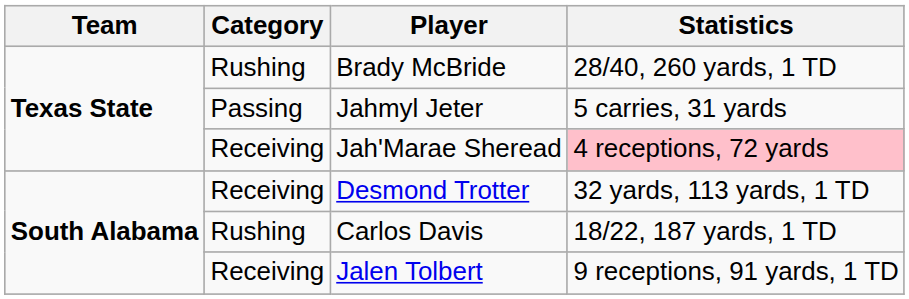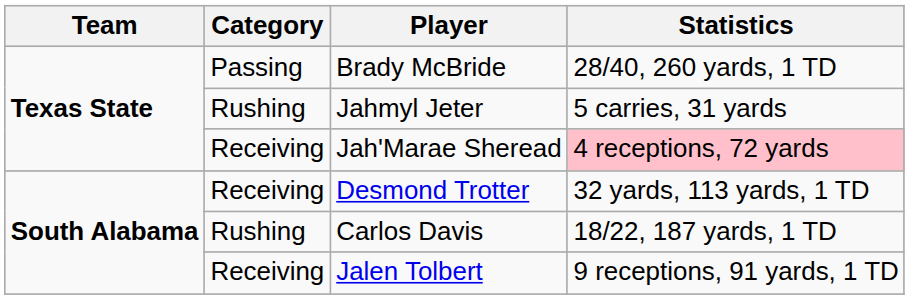 <table class="wikitable" style="float: left;">
 <tr>
 <th>Team</th>
 <th>Category</th>
 <th>Player</th>
 <th>Statistics</th>
 </tr>
 <tr>
 <td rowspan=3><strong>Texas State</strong></td>
-<td>Rushing</td>
+<td>Passing</td>
 <td>Brady McBride</td>
 <td>28/40, 260 yards, 1 TD</td>
 </tr>
 <tr>
-<td>Passing</td>
+<td>Rushing</td>
 <td>Jahmyl Jeter</td>
 <td>5 carries, 31 yards</td>
 </tr>
 <tr>
 <td>Receiving</td>
 <td>Jah'Marae Sheread</td>
 <td style="background: pink;">4 receptions, 72 yards</td>
 </tr>
 <tr>
 <td rowspan=3><strong>South Alabama</strong></td>
 <td>Receiving</td>
 <td><a href='#'>Desmond Trotter</a></td>
 <td>32 yards, 113 yards, 1 TD</td>
 </tr>
 <tr>
 <td>Rushing</td>
 <td>Carlos Davis</td>
 <td>18/22, 187 yards, 1 TD</td>
 </tr>
 <tr>
 <td>Receiving</td>
 <td><a href='#'>Jalen Tolbert</a></td>
 <td>9 receptions, 91 yards, 1 TD</td>
 </tr>
 </table>
